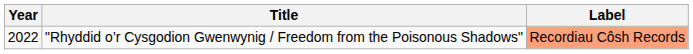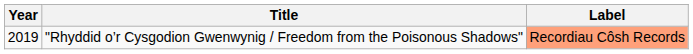 <table class="wikitable">
 <tr>
 <th>Year</th>
 <th>Title</th>
 <th>Label</th>
 </tr>
 <tr>
-<td>2022</td>
+<td>2019</td>
 <td>"Rhyddid o’r Cysgodion Gwenwynig / Freedom from the Poisonous Shadows"</td>
 <td style="background: lightsalmon;">Recordiau Côsh Records</td>
 </tr>
 </table>
